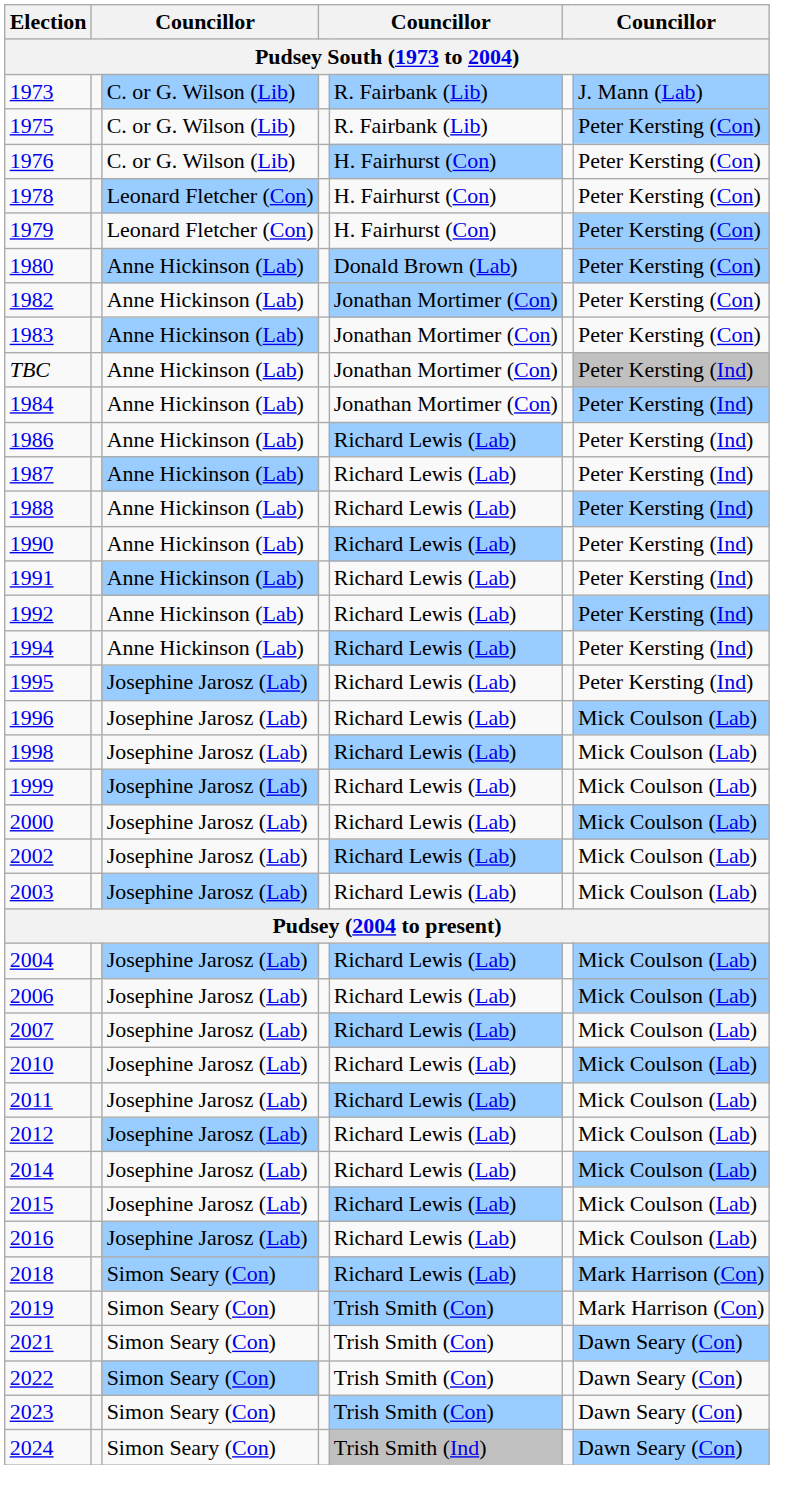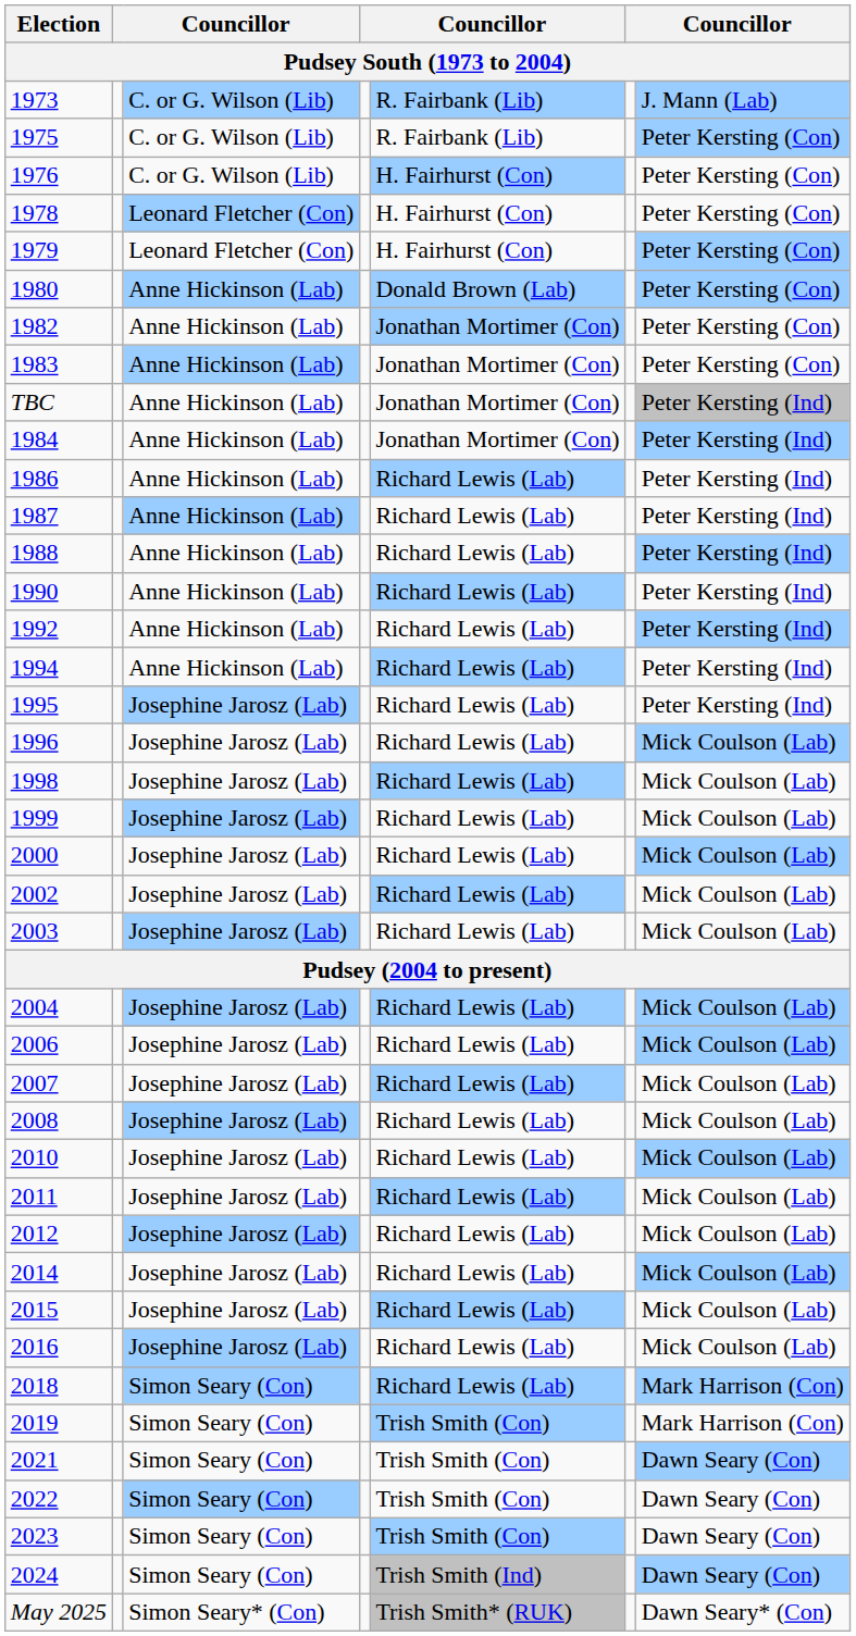 <table class="wikitable">
 <tr>
 <th>Election</th>
 <th colspan="2">Councillor</th>
 <th colspan="2">Councillor</th>
 <th colspan="2">Councillor</th>
 </tr>
 <tr>
 <th colspan=7>Pudsey South (<a href='#'>1973</a> to <a href='#'>2004</a>)</th>
 </tr>
 <tr>
 <td><a href='#'>1973</a></td>
 <td style="background-color: "></td>
 <td bgcolor="#99CCFF">C. or G. Wilson (<a href='#'>Lib</a>)</td>
 <td style="background-color: "></td>
 <td bgcolor="#99CCFF">R. Fairbank (<a href='#'>Lib</a>)</td>
 <td style="background-color: "></td>
 <td bgcolor="#99CCFF">J. Mann (<a href='#'>Lab</a>)</td>
 </tr>
 <tr>
 <td><a href='#'>1975</a></td>
 <td style="background-color: "></td>
 <td>C. or G. Wilson (<a href='#'>Lib</a>)</td>
 <td style="background-color: "></td>
 <td>R. Fairbank (<a href='#'>Lib</a>)</td>
 <td style="background-color: "></td>
 <td bgcolor="#99CCFF">Peter Kersting (<a href='#'>Con</a>)</td>
 </tr>
 <tr>
 <td><a href='#'>1976</a></td>
 <td style="background-color: "></td>
 <td>C. or G. Wilson (<a href='#'>Lib</a>)</td>
 <td style="background-color: "></td>
 <td bgcolor="#99CCFF">H. Fairhurst (<a href='#'>Con</a>)</td>
 <td style="background-color: "></td>
 <td>Peter Kersting (<a href='#'>Con</a>)</td>
 </tr>
 <tr>
 <td><a href='#'>1978</a></td>
 <td style="background-color: "></td>
 <td bgcolor="#99CCFF">Leonard Fletcher (<a href='#'>Con</a>)</td>
 <td style="background-color: "></td>
 <td>H. Fairhurst (<a href='#'>Con</a>)</td>
 <td style="background-color: "></td>
 <td>Peter Kersting (<a href='#'>Con</a>)</td>
 </tr>
 <tr>
 <td><a href='#'>1979</a></td>
 <td style="background-color: "></td>
 <td>Leonard Fletcher (<a href='#'>Con</a>)</td>
 <td style="background-color: "></td>
 <td>H. Fairhurst (<a href='#'>Con</a>)</td>
 <td style="background-color: "></td>
 <td bgcolor="#99CCFF">Peter Kersting (<a href='#'>Con</a>)</td>
 </tr>
 <tr>
 <td><a href='#'>1980</a></td>
 <td style="background-color: "></td>
 <td bgcolor="#99CCFF">Anne Hickinson (<a href='#'>Lab</a>)</td>
 <td style="background-color: "></td>
 <td bgcolor="#99CCFF">Donald Brown (<a href='#'>Lab</a>)</td>
 <td style="background-color: "></td>
 <td bgcolor="#99CCFF">Peter Kersting (<a href='#'>Con</a>)</td>
 </tr>
 <tr>
 <td><a href='#'>1982</a></td>
 <td style="background-color: "></td>
 <td>Anne Hickinson (<a href='#'>Lab</a>)</td>
 <td style="background-color: "></td>
 <td bgcolor="#99CCFF">Jonathan Mortimer (<a href='#'>Con</a>)</td>
 <td style="background-color: "></td>
 <td>Peter Kersting (<a href='#'>Con</a>)</td>
 </tr>
 <tr>
 <td><a href='#'>1983</a></td>
 <td style="background-color: "></td>
 <td bgcolor="#99CCFF">Anne Hickinson (<a href='#'>Lab</a>)</td>
 <td style="background-color: "></td>
 <td>Jonathan Mortimer (<a href='#'>Con</a>)</td>
 <td style="background-color: "></td>
 <td>Peter Kersting (<a href='#'>Con</a>)</td>
 </tr>
 <tr>
 <td><em>TBC</em></td>
 <td style="background-color: "></td>
 <td>Anne Hickinson (<a href='#'>Lab</a>)</td>
 <td style="background-color: "></td>
 <td>Jonathan Mortimer (<a href='#'>Con</a>)</td>
 <td style="background-color: "></td>
 <td bgcolor="#C0C0C0">Peter Kersting (<a href='#'>Ind</a>)</td>
 </tr>
 <tr>
 <td><a href='#'>1984</a></td>
 <td style="background-color: "></td>
 <td>Anne Hickinson (<a href='#'>Lab</a>)</td>
 <td style="background-color: "></td>
 <td>Jonathan Mortimer (<a href='#'>Con</a>)</td>
 <td style="background-color: "></td>
 <td bgcolor="#99CCFF">Peter Kersting (<a href='#'>Ind</a>)</td>
 </tr>
 <tr>
 <td><a href='#'>1986</a></td>
 <td style="background-color: "></td>
 <td>Anne Hickinson (<a href='#'>Lab</a>)</td>
 <td style="background-color: "></td>
 <td bgcolor="#99CCFF">Richard Lewis (<a href='#'>Lab</a>)</td>
 <td style="background-color: "></td>
 <td>Peter Kersting (<a href='#'>Ind</a>)</td>
 </tr>
 <tr>
 <td><a href='#'>1987</a></td>
 <td style="background-color: "></td>
 <td bgcolor="#99CCFF">Anne Hickinson (<a href='#'>Lab</a>)</td>
 <td style="background-color: "></td>
 <td>Richard Lewis (<a href='#'>Lab</a>)</td>
 <td style="background-color: "></td>
 <td>Peter Kersting (<a href='#'>Ind</a>)</td>
 </tr>
 <tr>
 <td><a href='#'>1988</a></td>
 <td style="background-color: "></td>
 <td>Anne Hickinson (<a href='#'>Lab</a>)</td>
 <td style="background-color: "></td>
 <td>Richard Lewis (<a href='#'>Lab</a>)</td>
 <td style="background-color: "></td>
 <td bgcolor="#99CCFF">Peter Kersting (<a href='#'>Ind</a>)</td>
 </tr>
 <tr>
 <td><a href='#'>1990</a></td>
 <td style="background-color: "></td>
 <td>Anne Hickinson (<a href='#'>Lab</a>)</td>
 <td style="background-color: "></td>
 <td bgcolor="#99CCFF">Richard Lewis (<a href='#'>Lab</a>)</td>
 <td style="background-color: "></td>
 <td>Peter Kersting (<a href='#'>Ind</a>)</td>
 </tr>
 <tr>
-<td><a href='#'>1991</a></td>
-<td style="background-color: "></td>
-<td bgcolor="#99CCFF">Anne Hickinson (<a href='#'>Lab</a>)</td>
-<td style="background-color: "></td>
-<td>Richard Lewis (<a href='#'>Lab</a>)</td>
-<td style="background-color: "></td>
-<td>Peter Kersting (<a href='#'>Ind</a>)</td>
-</tr>
-<tr>
 <td><a href='#'>1992</a></td>
 <td style="background-color: "></td>
 <td>Anne Hickinson (<a href='#'>Lab</a>)</td>
 <td style="background-color: "></td>
 <td>Richard Lewis (<a href='#'>Lab</a>)</td>
 <td style="background-color: "></td>
 <td bgcolor="#99CCFF">Peter Kersting (<a href='#'>Ind</a>)</td>
 </tr>
 <tr>
 <td><a href='#'>1994</a></td>
 <td style="background-color: "></td>
 <td>Anne Hickinson (<a href='#'>Lab</a>)</td>
 <td style="background-color: "></td>
 <td bgcolor="#99CCFF">Richard Lewis (<a href='#'>Lab</a>)</td>
 <td style="background-color: "></td>
 <td>Peter Kersting (<a href='#'>Ind</a>)</td>
 </tr>
 <tr>
 <td><a href='#'>1995</a></td>
 <td style="background-color: "></td>
 <td bgcolor="#99CCFF">Josephine Jarosz (<a href='#'>Lab</a>)</td>
 <td style="background-color: "></td>
 <td>Richard Lewis (<a href='#'>Lab</a>)</td>
 <td style="background-color: "></td>
 <td>Peter Kersting (<a href='#'>Ind</a>)</td>
 </tr>
 <tr>
 <td><a href='#'>1996</a></td>
 <td style="background-color: "></td>
 <td>Josephine Jarosz (<a href='#'>Lab</a>)</td>
 <td style="background-color: "></td>
 <td>Richard Lewis (<a href='#'>Lab</a>)</td>
 <td style="background-color: "></td>
 <td bgcolor="#99CCFF">Mick Coulson (<a href='#'>Lab</a>)</td>
 </tr>
 <tr>
 <td><a href='#'>1998</a></td>
 <td style="background-color: "></td>
 <td>Josephine Jarosz (<a href='#'>Lab</a>)</td>
 <td style="background-color: "></td>
 <td bgcolor="#99CCFF">Richard Lewis (<a href='#'>Lab</a>)</td>
 <td style="background-color: "></td>
 <td>Mick Coulson (<a href='#'>Lab</a>)</td>
 </tr>
 <tr>
 <td><a href='#'>1999</a></td>
 <td style="background-color: "></td>
 <td bgcolor="#99CCFF">Josephine Jarosz (<a href='#'>Lab</a>)</td>
 <td style="background-color: "></td>
 <td>Richard Lewis (<a href='#'>Lab</a>)</td>
 <td style="background-color: "></td>
 <td>Mick Coulson (<a href='#'>Lab</a>)</td>
 </tr>
 <tr>
 <td><a href='#'>2000</a></td>
 <td style="background-color: "></td>
 <td>Josephine Jarosz (<a href='#'>Lab</a>)</td>
 <td style="background-color: "></td>
 <td>Richard Lewis (<a href='#'>Lab</a>)</td>
 <td style="background-color: "></td>
 <td bgcolor="#99CCFF">Mick Coulson (<a href='#'>Lab</a>)</td>
 </tr>
 <tr>
 <td><a href='#'>2002</a></td>
 <td style="background-color: "></td>
 <td>Josephine Jarosz (<a href='#'>Lab</a>)</td>
 <td style="background-color: "></td>
 <td bgcolor="#99CCFF">Richard Lewis (<a href='#'>Lab</a>)</td>
 <td style="background-color: "></td>
 <td>Mick Coulson (<a href='#'>Lab</a>)</td>
 </tr>
 <tr>
 <td><a href='#'>2003</a></td>
 <td style="background-color: "></td>
 <td bgcolor="#99CCFF">Josephine Jarosz (<a href='#'>Lab</a>)</td>
 <td style="background-color: "></td>
 <td>Richard Lewis (<a href='#'>Lab</a>)</td>
 <td style="background-color: "></td>
 <td>Mick Coulson (<a href='#'>Lab</a>)</td>
 </tr>
 <tr>
 <th colspan=7>Pudsey (<a href='#'>2004</a> to present)</th>
 </tr>
 <tr>
 <td><a href='#'>2004</a></td>
 <td style="background-color: "></td>
 <td bgcolor="#99CCFF">Josephine Jarosz (<a href='#'>Lab</a>)</td>
 <td style="background-color: "></td>
 <td bgcolor="#99CCFF">Richard Lewis (<a href='#'>Lab</a>)</td>
 <td style="background-color: "></td>
 <td bgcolor="#99CCFF">Mick Coulson (<a href='#'>Lab</a>)</td>
 </tr>
 <tr>
 <td><a href='#'>2006</a></td>
 <td style="background-color: "></td>
 <td>Josephine Jarosz (<a href='#'>Lab</a>)</td>
 <td style="background-color: "></td>
 <td>Richard Lewis (<a href='#'>Lab</a>)</td>
 <td style="background-color: "></td>
 <td bgcolor="#99CCFF">Mick Coulson (<a href='#'>Lab</a>)</td>
 </tr>
 <tr>
 <td><a href='#'>2007</a></td>
 <td style="background-color: "></td>
 <td>Josephine Jarosz (<a href='#'>Lab</a>)</td>
 <td style="background-color: "></td>
 <td bgcolor="#99CCFF">Richard Lewis (<a href='#'>Lab</a>)</td>
 <td style="background-color: "></td>
 <td>Mick Coulson (<a href='#'>Lab</a>)</td>
 </tr>
 <tr>
+<td><a href='#'>2008</a></td>
+<td style="background-color: "></td>
+<td bgcolor="#99CCFF">Josephine Jarosz (<a href='#'>Lab</a>)</td>
+<td style="background-color: "></td>
+<td>Richard Lewis (<a href='#'>Lab</a>)</td>
+<td style="background-color: "></td>
+<td>Mick Coulson (<a href='#'>Lab</a>)</td>
+</tr>
+<tr>
 <td><a href='#'>2010</a></td>
 <td style="background-color: "></td>
 <td>Josephine Jarosz (<a href='#'>Lab</a>)</td>
 <td style="background-color: "></td>
 <td>Richard Lewis (<a href='#'>Lab</a>)</td>
 <td style="background-color: "></td>
 <td bgcolor="#99CCFF">Mick Coulson (<a href='#'>Lab</a>)</td>
 </tr>
 <tr>
 <td><a href='#'>2011</a></td>
 <td style="background-color: "></td>
 <td>Josephine Jarosz (<a href='#'>Lab</a>)</td>
 <td style="background-color: "></td>
 <td bgcolor="#99CCFF">Richard Lewis (<a href='#'>Lab</a>)</td>
 <td style="background-color: "></td>
 <td>Mick Coulson (<a href='#'>Lab</a>)</td>
 </tr>
 <tr>
 <td><a href='#'>2012</a></td>
 <td style="background-color: "></td>
 <td bgcolor="#99CCFF">Josephine Jarosz (<a href='#'>Lab</a>)</td>
 <td style="background-color: "></td>
 <td>Richard Lewis (<a href='#'>Lab</a>)</td>
 <td style="background-color: "></td>
 <td>Mick Coulson (<a href='#'>Lab</a>)</td>
 </tr>
 <tr>
 <td><a href='#'>2014</a></td>
 <td style="background-color: "></td>
 <td>Josephine Jarosz (<a href='#'>Lab</a>)</td>
 <td style="background-color: "></td>
 <td>Richard Lewis (<a href='#'>Lab</a>)</td>
 <td style="background-color: "></td>
 <td bgcolor="#99CCFF">Mick Coulson (<a href='#'>Lab</a>)</td>
 </tr>
 <tr>
 <td><a href='#'>2015</a></td>
 <td style="background-color: "></td>
 <td>Josephine Jarosz (<a href='#'>Lab</a>)</td>
 <td style="background-color: "></td>
 <td bgcolor="#99CCFF">Richard Lewis (<a href='#'>Lab</a>)</td>
 <td style="background-color: "></td>
 <td>Mick Coulson (<a href='#'>Lab</a>)</td>
 </tr>
 <tr>
 <td><a href='#'>2016</a></td>
 <td style="background-color: "></td>
 <td bgcolor="#99CCFF">Josephine Jarosz (<a href='#'>Lab</a>)</td>
 <td style="background-color: "></td>
 <td>Richard Lewis (<a href='#'>Lab</a>)</td>
 <td style="background-color: "></td>
 <td>Mick Coulson (<a href='#'>Lab</a>)</td>
 </tr>
 <tr>
 <td><a href='#'>2018</a></td>
 <td style="background-color: "></td>
 <td bgcolor="#99CCFF">Simon Seary (<a href='#'>Con</a>)</td>
 <td style="background-color: "></td>
 <td bgcolor="#99CCFF">Richard Lewis (<a href='#'>Lab</a>)</td>
 <td style="background-color: "></td>
 <td bgcolor="#99CCFF">Mark Harrison (<a href='#'>Con</a>)<br></td>
 </tr>
 <tr>
 <td><a href='#'>2019</a></td>
 <td style="background-color: "></td>
 <td>Simon Seary (<a href='#'>Con</a>)</td>
 <td style="background-color: "></td>
 <td bgcolor="#99CCFF">Trish Smith (<a href='#'>Con</a>)</td>
 <td style="background-color: "></td>
 <td>Mark Harrison (<a href='#'>Con</a>)</td>
 </tr>
 <tr>
 <td><a href='#'>2021</a></td>
 <td style="background-color: "></td>
 <td>Simon Seary (<a href='#'>Con</a>)</td>
 <td style="background-color: "></td>
 <td>Trish Smith (<a href='#'>Con</a>)</td>
 <td style="background-color: "></td>
 <td bgcolor="#99CCFF">Dawn Seary (<a href='#'>Con</a>)</td>
 </tr>
 <tr>
 <td><a href='#'>2022</a></td>
 <td style="background-color: "></td>
 <td bgcolor="#99CCFF">Simon Seary (<a href='#'>Con</a>)</td>
 <td style="background-color: "></td>
 <td>Trish Smith (<a href='#'>Con</a>)</td>
 <td style="background-color: "></td>
 <td>Dawn Seary (<a href='#'>Con</a>)</td>
 </tr>
 <tr>
 <td><a href='#'>2023</a></td>
 <td style="background-color: "></td>
 <td>Simon Seary (<a href='#'>Con</a>)</td>
 <td style="background-color: "></td>
 <td bgcolor="#99CCFF">Trish Smith (<a href='#'>Con</a>)</td>
 <td style="background-color: "></td>
 <td>Dawn Seary (<a href='#'>Con</a>)</td>
 </tr>
 <tr>
 <td><a href='#'>2024</a></td>
 <td style="background-color: "></td>
 <td>Simon Seary (<a href='#'>Con</a>)</td>
 <td style="background-color: "></td>
 <td bgcolor="#C0C0C0">Trish Smith (<a href='#'>Ind</a>)</td>
 <td style="background-color: "></td>
 <td bgcolor="#99CCFF">Dawn Seary (<a href='#'>Con</a>)</td>
 </tr>
+<tr>
+<td><em>May 2025</em></td>
+<td style="background-color: "></td>
+<td>Simon Seary* (<a href='#'>Con</a>)</td>
+<td style="background-color: "></td>
+<td bgcolor="#C0C0C0">Trish Smith* (<a href='#'>RUK</a>)</td>
+<td style="background-color: "></td>
+<td>Dawn Seary* (<a href='#'>Con</a>)</td>
+</tr>
 </table>
